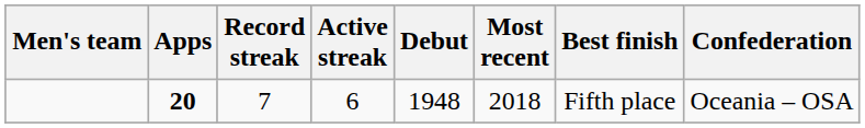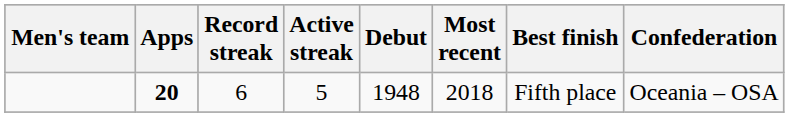 <table class="wikitable" style="text-align: center; font-size: 90%; margin-left: 1em;">
 <tr>
 <th>Men's team</th>
 <th>Apps</th>
 <th>Record<br>streak</th>
 <th>Active<br>streak</th>
 <th>Debut</th>
 <th>Most<br>recent</th>
 <th>Best finish</th>
 <th>Confederation</th>
 </tr>
 <tr>
 <td style="text-align: left;"></td>
 <td><strong>20</strong></td>
-<td>7</td>
 <td>6</td>
+<td>5</td>
 <td>1948</td>
 <td>2018</td>
 <td>Fifth place</td>
 <td>Oceania – OSA</td>
 </tr>
 </table>
